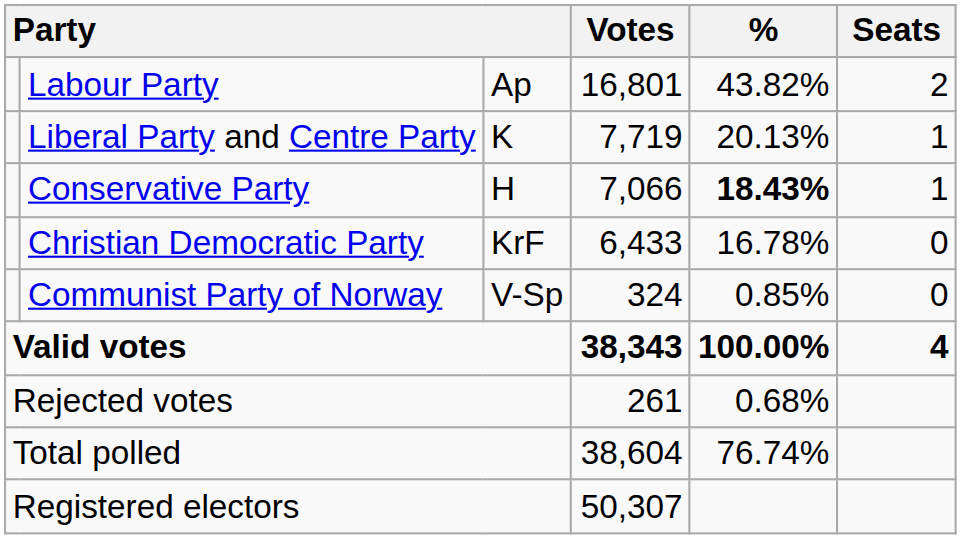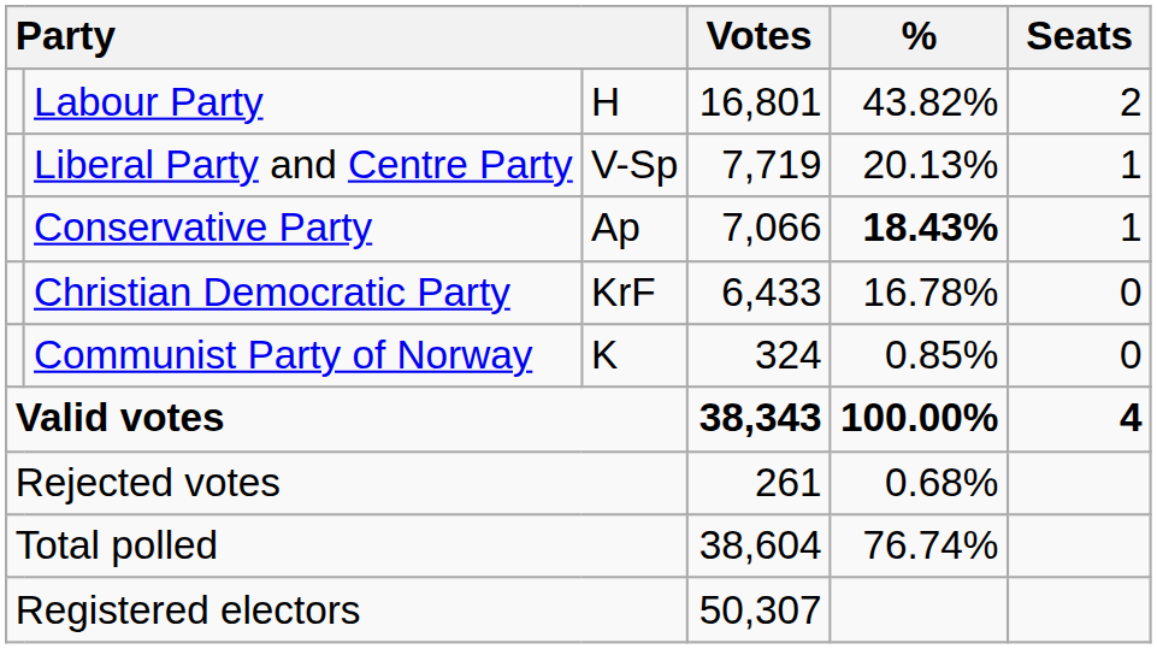 <table class="wikitable" border="1" style="text-align:right;">
 <tr>
 <th style="text-align:left;" colspan=3>Party</th>
 <th align=center width="50">Votes</th>
 <th align=center width="50">%</th>
 <th align=center width="50">Seats</th>
 </tr>
 <tr>
 <td style="color:inherit;background:"></td>
 <td align=left><a href='#'>Labour Party</a></td>
-<td align=left>Ap</td>
+<td align=left>H</td>
 <td>16,801</td>
 <td>43.82%</td>
 <td>2</td>
 </tr>
 <tr>
 <td></td>
 <td align=left><a href='#'>Liberal Party</a> and <a href='#'>Centre Party</a></td>
-<td align=left>K</td>
+<td align=left>V-Sp</td>
 <td>7,719</td>
 <td>20.13%</td>
 <td>1</td>
 </tr>
 <tr>
 <td style="color:inherit;background:"></td>
 <td align=left><a href='#'>Conservative Party</a></td>
-<td align=left>H</td>
+<td align=left>Ap</td>
 <td>7,066</td>
 <td><strong>18.43%</strong></td>
 <td>1</td>
 </tr>
 <tr>
 <td style="color:inherit;background:"></td>
 <td align=left><a href='#'>Christian Democratic Party</a></td>
 <td align=left>KrF</td>
 <td>6,433</td>
 <td>16.78%</td>
 <td>0</td>
 </tr>
 <tr>
 <td style="color:inherit;background:"></td>
 <td align=left><a href='#'>Communist Party of Norway</a></td>
-<td align=left>V-Sp</td>
+<td align=left>K</td>
 <td>324</td>
 <td>0.85%</td>
 <td>0</td>
 </tr>
 <tr style="font-weight:bold">
 <td align=left colspan=3>Valid votes</td>
 <td>38,343</td>
 <td>100.00%</td>
 <td>4</td>
 </tr>
 <tr>
 <td align=left colspan=3>Rejected votes</td>
 <td>261</td>
 <td>0.68%</td>
 <td></td>
 </tr>
 <tr>
 <td align=left colspan=3>Total polled</td>
 <td>38,604</td>
 <td>76.74%</td>
 <td></td>
 </tr>
 <tr>
 <td align=left colspan=3>Registered electors</td>
 <td>50,307</td>
 <td></td>
 <td></td>
 </tr>
 </table>
